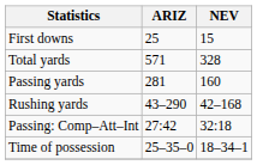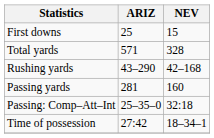 <table class="wikitable" style="float: left;">
 <tr>
 <th>Statistics</th>
 <th>ARIZ</th>
 <th>NEV</th>
 </tr>
 <tr>
 <td>First downs</td>
 <td>25</td>
 <td>15</td>
 </tr>
 <tr>
 <td>Total yards</td>
 <td>571</td>
 <td>328</td>
 </tr>
 <tr>
+<td>Rushing yards</td>
+<td>43–290</td>
+<td>42–168</td>
+</tr>
+<tr>
 <td>Passing yards</td>
 <td>281</td>
 <td>160</td>
 </tr>
 <tr>
-<td>Rushing yards</td>
-<td>43–290</td>
-<td>42–168</td>
-</tr>
-<tr>
 <td>Passing: Comp–Att–Int</td>
-<td>27:42</td>
+<td>25–35–0</td>
 <td>32:18</td>
 </tr>
 <tr>
 <td>Time of possession</td>
-<td>25–35–0</td>
+<td>27:42</td>
 <td>18–34–1</td>
 </tr>
 <tr>
 </tr>
 </table>
